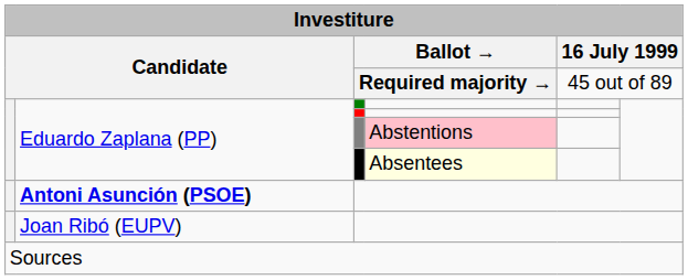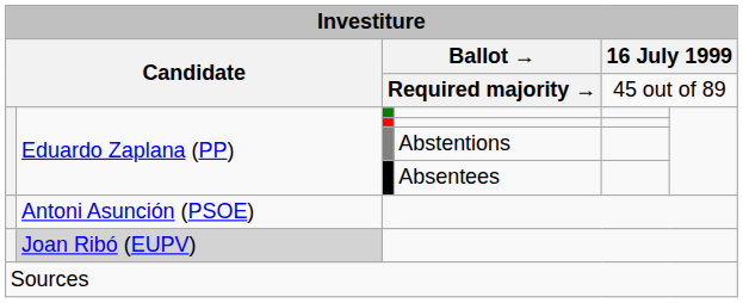 <table class="wikitable" style="text-align:center;">
 <tr>
 <td colspan="6" align="center" bgcolor="#C0C0C0"><strong>Investiture</strong></td>
 </tr>
 <tr>
 <th colspan="2" rowspan="2" width="275px">Candidate</th>
 <th colspan="2" width="150px">Ballot →</th>
 <th colspan="2">16 July 1999</th>
 </tr>
 <tr>
 <th colspan="2">Required majority →</th>
 <td colspan="2">45 out of 89</td>
 </tr>
 <tr>
 <th width="1px" rowspan="4" style="background:"></th>
 <td rowspan="4" align="left"><a href='#'>Eduardo Zaplana</a> (<a href='#'>PP</a>)</td>
 <th width="1px" style="background:green;"></th>
 <td align="left"></td>
 <td></td>
 <td rowspan="4"></td>
 </tr>
 <tr>
 <th style="color:inherit;background:red;"></th>
 <td align="left"></td>
 <td></td>
 </tr>
 <tr>
 <th style="color:inherit;background:gray;"></th>
-<td align="left" style="background: pink;"><span>Abstentions</span></td>
+<td align="left"><span>Abstentions</span></td>
 <td></td>
 </tr>
 <tr>
 <th style="color:inherit;background:black;"></th>
-<td align="left" style="background: lightyellow;"><span>Absentees</span></td>
+<td align="left"><span>Absentees</span></td>
 <td></td>
 </tr>
 <tr>
 <th style="color:inherit;background:"></th>
-<td align="left"><strong><a href='#'>Antoni Asunción</a> (<a href='#'>PSOE</a>)</strong></td>
+<td align="left"><a href='#'>Antoni Asunción</a> (<a href='#'>PSOE</a>)</td>
 <td colspan="4"><em></em></td>
 </tr>
 <tr>
 <th style="color:inherit;background:"></th>
-<td align="left"><a href='#'>Joan Ribó</a> (<a href='#'>EUPV</a>)</td>
+<td align="left" style="background: lightgrey;"><a href='#'>Joan Ribó</a> (<a href='#'>EUPV</a>)</td>
 <td colspan="4"><em></em></td>
 </tr>
 <tr>
 <td align="left" colspan="6">Sources</td>
 </tr>
 </table>
